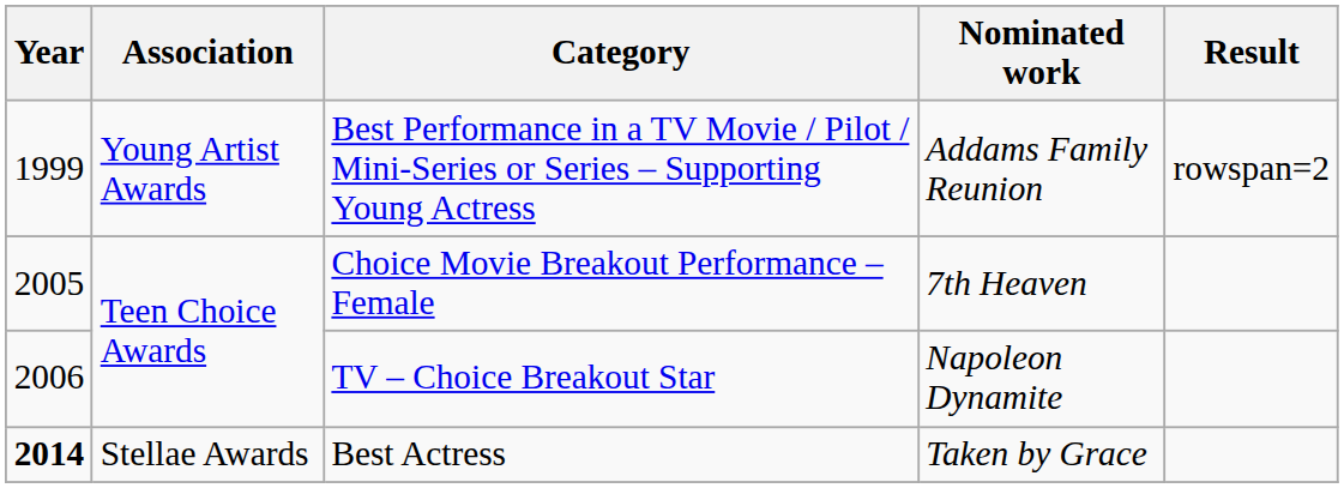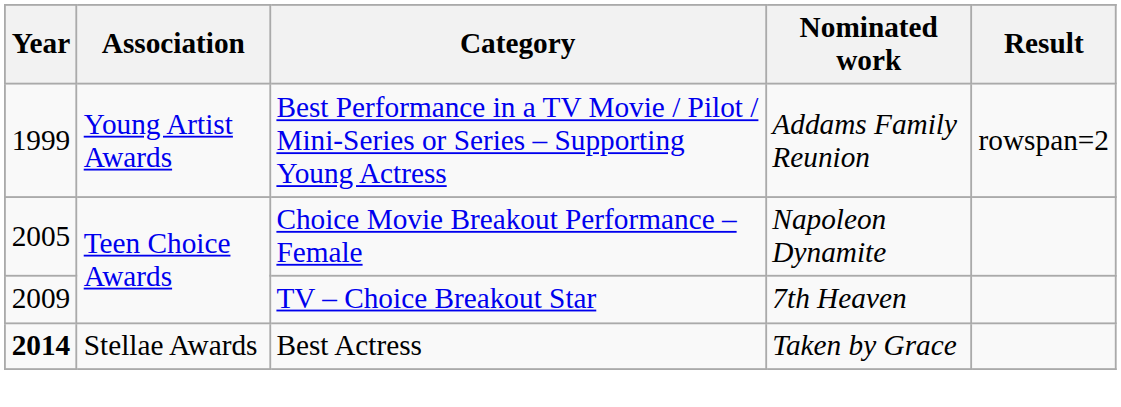 <table class="wikitable sortable">
 <tr>
 <th>Year</th>
 <th>Association</th>
 <th>Category</th>
 <th>Nominated work</th>
 <th>Result</th>
 </tr>
 <tr>
 <td>1999</td>
 <td><a href='#'>Young Artist Awards</a></td>
 <td><a href='#'>Best Performance in a TV Movie / Pilot / Mini-Series or Series – Supporting Young Actress</a></td>
 <td><em>Addams Family Reunion</em></td>
 <td>rowspan=2 </td>
 </tr>
 <tr>
 <td>2005</td>
 <td rowspan=2><a href='#'>Teen Choice Awards</a></td>
 <td><a href='#'>Choice Movie Breakout Performance – Female</a></td>
-<td><em>7th Heaven</em></td>
+<td><em>Napoleon Dynamite</em></td>
 </tr>
 <tr>
-<td>2006</td>
+<td>2009</td>
 <td><a href='#'>TV – Choice Breakout Star</a></td>
-<td><em>Napoleon Dynamite</em></td>
+<td><em>7th Heaven</em></td>
 <td></td>
 </tr>
 <tr>
 <td><strong>2014</strong></td>
 <td>Stellae Awards</td>
 <td>Best Actress</td>
 <td><em>Taken by Grace</em></td>
 <td></td>
 </tr>
 </table>
